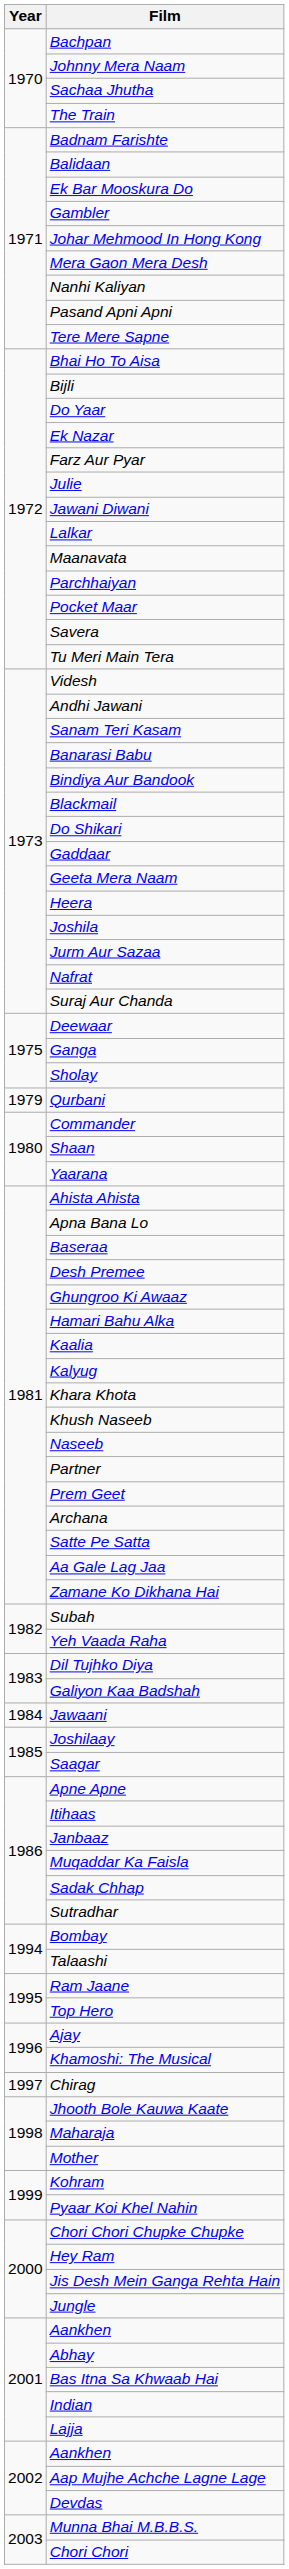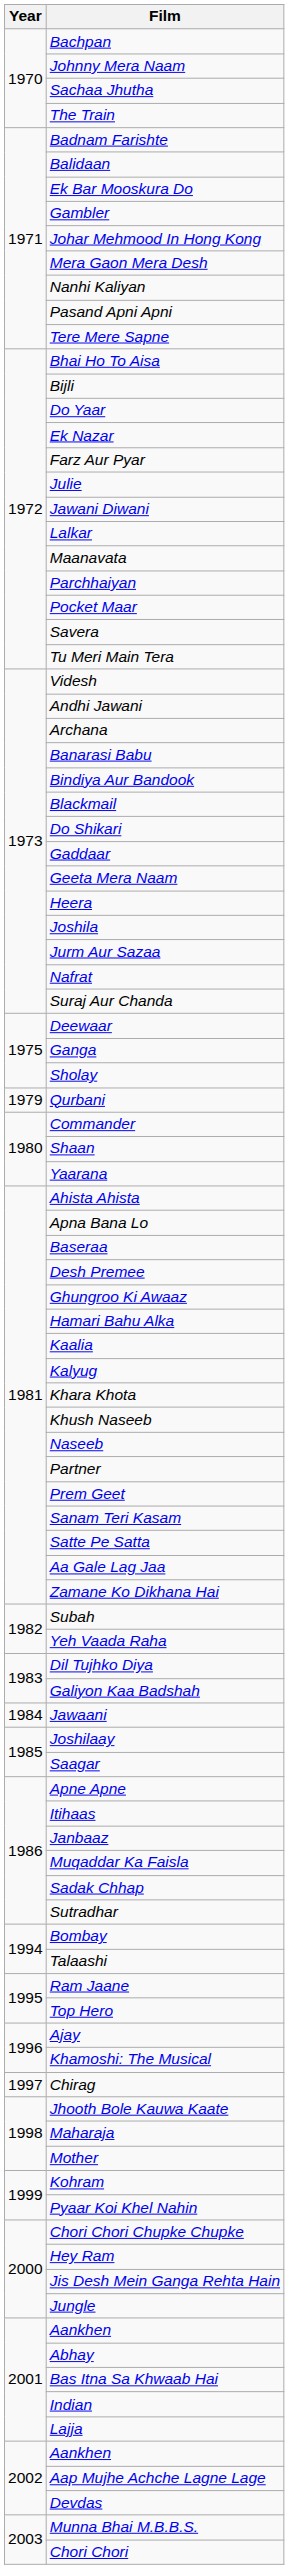 <table class="wikitable sortable">
 <tr>
 <th>Year</th>
 <th>Film</th>
 </tr>
 <tr>
 <td rowspan="4">1970</td>
 <td><em><a href='#'>Bachpan</a></em></td>
 </tr>
 <tr>
 <td><em><a href='#'>Johnny Mera Naam</a></em></td>
 </tr>
 <tr>
 <td><em><a href='#'>Sachaa Jhutha</a></em></td>
 </tr>
 <tr>
 <td><em><a href='#'>The Train</a></em></td>
 </tr>
 <tr>
 <td rowspan="9">1971</td>
 <td><em><a href='#'>Badnam Farishte</a></em></td>
 </tr>
 <tr>
 <td><em><a href='#'>Balidaan</a></em></td>
 </tr>
 <tr>
 <td><em><a href='#'>Ek Bar Mooskura Do</a></em></td>
 </tr>
 <tr>
 <td><em><a href='#'>Gambler</a></em></td>
 </tr>
 <tr>
 <td><em><a href='#'>Johar Mehmood In Hong Kong</a></em></td>
 </tr>
 <tr>
 <td><em><a href='#'>Mera Gaon Mera Desh</a></em></td>
 </tr>
 <tr>
 <td><em>Nanhi Kaliyan</em></td>
 </tr>
 <tr>
 <td><em>Pasand Apni Apni</em></td>
 </tr>
 <tr>
 <td><em><a href='#'>Tere Mere Sapne</a></em></td>
 </tr>
 <tr>
 <td rowspan="13">1972</td>
 <td><em><a href='#'>Bhai Ho To Aisa</a></em></td>
 </tr>
 <tr>
 <td><em>Bijli</em></td>
 </tr>
 <tr>
 <td><em><a href='#'>Do Yaar</a></em></td>
 </tr>
 <tr>
 <td><em><a href='#'>Ek Nazar</a></em></td>
 </tr>
 <tr>
 <td><em>Farz Aur Pyar</em></td>
 </tr>
 <tr>
 <td><em><a href='#'>Julie</a></em></td>
 </tr>
 <tr>
 <td><em><a href='#'>Jawani Diwani</a></em></td>
 </tr>
 <tr>
 <td><em><a href='#'>Lalkar</a></em></td>
 </tr>
 <tr>
 <td><em>Maanavata</em></td>
 </tr>
 <tr>
 <td><em><a href='#'>Parchhaiyan</a></em></td>
 </tr>
 <tr>
 <td><em><a href='#'>Pocket Maar</a></em></td>
 </tr>
 <tr>
 <td><em>Savera</em></td>
 </tr>
 <tr>
 <td><em>Tu Meri Main Tera</em></td>
 </tr>
 <tr>
 <td rowspan="14">1973</td>
 <td><em>Videsh</em></td>
 </tr>
 <tr>
 <td><em>Andhi Jawani</em></td>
 </tr>
 <tr>
-<td><em><a href='#'>Sanam Teri Kasam</a></em></td>
+<td><em>Archana</em></td>
 </tr>
 <tr>
 <td><em><a href='#'>Banarasi Babu</a></em></td>
 </tr>
 <tr>
 <td><em><a href='#'>Bindiya Aur Bandook</a></em></td>
 </tr>
 <tr>
 <td><em><a href='#'>Blackmail</a></em></td>
 </tr>
 <tr>
 <td><em><a href='#'>Do Shikari</a></em></td>
 </tr>
 <tr>
 <td><em><a href='#'>Gaddaar</a></em></td>
 </tr>
 <tr>
 <td><em><a href='#'>Geeta Mera Naam</a></em></td>
 </tr>
 <tr>
 <td><em><a href='#'>Heera</a></em></td>
 </tr>
 <tr>
 <td><em><a href='#'>Joshila</a></em></td>
 </tr>
 <tr>
 <td><em><a href='#'>Jurm Aur Sazaa</a></em></td>
 </tr>
 <tr>
 <td><em><a href='#'>Nafrat</a></em></td>
 </tr>
 <tr>
 <td><em>Suraj Aur Chanda</em></td>
 </tr>
 <tr>
 <td rowspan="3">1975</td>
 <td><em><a href='#'>Deewaar</a></em></td>
 </tr>
 <tr>
 <td><em><a href='#'>Ganga</a></em></td>
 </tr>
 <tr>
 <td><em><a href='#'>Sholay</a></em></td>
 </tr>
 <tr>
 <td>1979</td>
 <td><em><a href='#'>Qurbani</a></em></td>
 </tr>
 <tr>
 <td rowspan="3">1980</td>
 <td><em><a href='#'>Commander</a></em></td>
 </tr>
 <tr>
 <td><em><a href='#'>Shaan</a></em></td>
 </tr>
 <tr>
 <td><em><a href='#'>Yaarana</a></em></td>
 </tr>
 <tr>
 <td rowspan="17">1981</td>
 <td><em><a href='#'>Ahista Ahista</a></em></td>
 </tr>
 <tr>
 <td><em>Apna Bana Lo</em></td>
 </tr>
 <tr>
 <td><em><a href='#'>Baseraa</a></em></td>
 </tr>
 <tr>
 <td><em><a href='#'>Desh Premee</a></em></td>
 </tr>
 <tr>
 <td><em><a href='#'>Ghungroo Ki Awaaz</a></em></td>
 </tr>
 <tr>
 <td><em><a href='#'>Hamari Bahu Alka</a></em></td>
 </tr>
 <tr>
 <td><em><a href='#'>Kaalia</a></em></td>
 </tr>
 <tr>
 <td><em><a href='#'>Kalyug</a></em></td>
 </tr>
 <tr>
 <td><em>Khara Khota</em></td>
 </tr>
 <tr>
 <td><em>Khush Naseeb</em></td>
 </tr>
 <tr>
 <td><em><a href='#'>Naseeb</a></em></td>
 </tr>
 <tr>
 <td><em>Partner</em></td>
 </tr>
 <tr>
 <td><em><a href='#'>Prem Geet</a></em></td>
 </tr>
 <tr>
-<td><em>Archana</em></td>
+<td><em><a href='#'>Sanam Teri Kasam</a></em></td>
 </tr>
 <tr>
 <td><em><a href='#'>Satte Pe Satta</a></em></td>
 </tr>
 <tr>
 <td><em><a href='#'>Aa Gale Lag Jaa</a></em></td>
 </tr>
 <tr>
 <td><em><a href='#'>Zamane Ko Dikhana Hai</a></em></td>
 </tr>
 <tr>
 <td rowspan="2">1982</td>
 <td><em>Subah</em></td>
 </tr>
 <tr>
 <td><em><a href='#'>Yeh Vaada Raha</a></em></td>
 </tr>
 <tr>
 <td rowspan=2>1983</td>
 <td><em><a href='#'>Dil Tujhko Diya</a></em></td>
 </tr>
 <tr>
 <td><em><a href='#'>Galiyon Kaa Badshah</a></em></td>
 </tr>
 <tr>
 <td>1984</td>
 <td><em><a href='#'>Jawaani</a></em></td>
 </tr>
 <tr>
 <td rowspan="2">1985</td>
 <td><em><a href='#'>Joshilaay</a></em></td>
 </tr>
 <tr>
 <td><em><a href='#'>Saagar</a></em></td>
 </tr>
 <tr>
 <td rowspan="6">1986</td>
 <td><em><a href='#'>Apne Apne</a></em></td>
 </tr>
 <tr>
 <td><em><a href='#'>Itihaas</a></em></td>
 </tr>
 <tr>
 <td><em><a href='#'>Janbaaz</a></em></td>
 </tr>
 <tr>
 <td><em><a href='#'>Muqaddar Ka Faisla</a></em></td>
 </tr>
 <tr>
 <td><em><a href='#'>Sadak Chhap</a></em></td>
 </tr>
 <tr>
 <td><em>Sutradhar</em></td>
 </tr>
 <tr>
 <td rowspan="2">1994</td>
 <td><em><a href='#'>Bombay</a></em></td>
 </tr>
 <tr>
 <td><em>Talaashi</em></td>
 </tr>
 <tr>
 <td rowspan="2">1995</td>
 <td><em><a href='#'>Ram Jaane</a></em></td>
 </tr>
 <tr>
 <td><em><a href='#'>Top Hero</a></em></td>
 </tr>
 <tr>
 <td rowspan="2">1996</td>
 <td><em><a href='#'>Ajay</a></em></td>
 </tr>
 <tr>
 <td><em><a href='#'>Khamoshi: The Musical</a></em></td>
 </tr>
 <tr>
 <td>1997</td>
 <td><em>Chirag</em></td>
 </tr>
 <tr>
 <td rowspan="3">1998</td>
 <td><em><a href='#'>Jhooth Bole Kauwa Kaate</a></em></td>
 </tr>
 <tr>
 <td><em><a href='#'>Maharaja</a></em></td>
 </tr>
 <tr>
 <td><em><a href='#'>Mother</a></em></td>
 </tr>
 <tr>
 <td rowspan="2">1999</td>
 <td><em><a href='#'>Kohram</a></em></td>
 </tr>
 <tr>
 <td><em><a href='#'>Pyaar Koi Khel Nahin</a></em></td>
 </tr>
 <tr>
 <td rowspan="4">2000</td>
 <td><em><a href='#'>Chori Chori Chupke Chupke</a></em></td>
 </tr>
 <tr>
 <td><em><a href='#'>Hey Ram</a></em></td>
 </tr>
 <tr>
 <td><em><a href='#'>Jis Desh Mein Ganga Rehta Hain</a></em></td>
 </tr>
 <tr>
 <td><em><a href='#'>Jungle</a></em></td>
 </tr>
 <tr>
 <td rowspan="5">2001</td>
 <td><em><a href='#'>Aankhen</a></em></td>
 </tr>
 <tr>
 <td><em><a href='#'>Abhay</a></em></td>
 </tr>
 <tr>
 <td><em><a href='#'>Bas Itna Sa Khwaab Hai</a></em></td>
 </tr>
 <tr>
 <td><em><a href='#'>Indian</a></em></td>
 </tr>
 <tr>
 <td><em><a href='#'>Lajja</a></em></td>
 </tr>
 <tr>
 <td rowspan="3">2002</td>
 <td><em><a href='#'>Aankhen</a></em></td>
 </tr>
 <tr>
 <td><em><a href='#'>Aap Mujhe Achche Lagne Lage</a></em></td>
 </tr>
 <tr>
 <td><em><a href='#'>Devdas</a></em></td>
 </tr>
 <tr>
 <td rowspan="2">2003</td>
 <td><em><a href='#'>Munna Bhai M.B.B.S.</a></em></td>
 </tr>
 <tr>
 <td><em><a href='#'>Chori Chori</a></em></td>
 </tr>
 </table>
